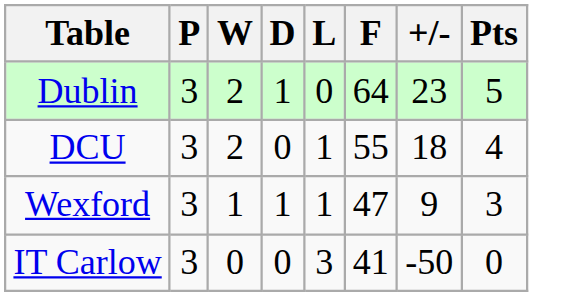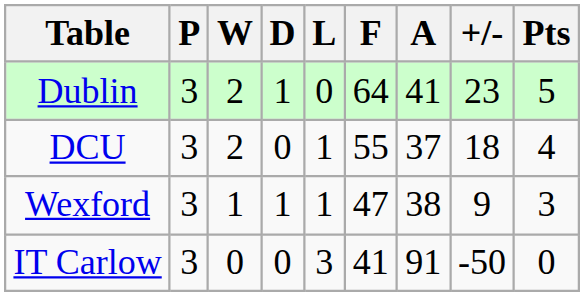 <table class="wikitable">
 <tr>
 <th>Table</th>
 <th>P</th>
 <th>W</th>
 <th>D</th>
 <th>L</th>
 <th>F</th>
+<th>A</th>
 <th>+/-</th>
 <th>Pts</th>
 </tr>
 <tr style="text-align:Center; background:#cfc;">
 <td> <a href='#'>Dublin</a></td>
 <td>3</td>
 <td>2</td>
 <td>1</td>
 <td>0</td>
 <td>64</td>
+<td>41</td>
 <td>23</td>
 <td>5</td>
 </tr>
 <tr style="text-align:Center;">
 <td> <a href='#'>DCU</a></td>
 <td>3</td>
 <td>2</td>
 <td>0</td>
 <td>1</td>
 <td>55</td>
+<td>37</td>
 <td>18</td>
 <td>4</td>
 </tr>
 <tr style="text-align:Center;">
 <td> <a href='#'>Wexford</a></td>
 <td>3</td>
 <td>1</td>
 <td>1</td>
 <td>1</td>
 <td>47</td>
+<td>38</td>
 <td>9</td>
 <td>3</td>
 </tr>
 <tr style="text-align:Center;">
 <td> <a href='#'>IT Carlow</a></td>
 <td>3</td>
 <td>0</td>
 <td>0</td>
 <td>3</td>
 <td>41</td>
+<td>91</td>
 <td>-50</td>
 <td>0</td>
 </tr>
 </table>
